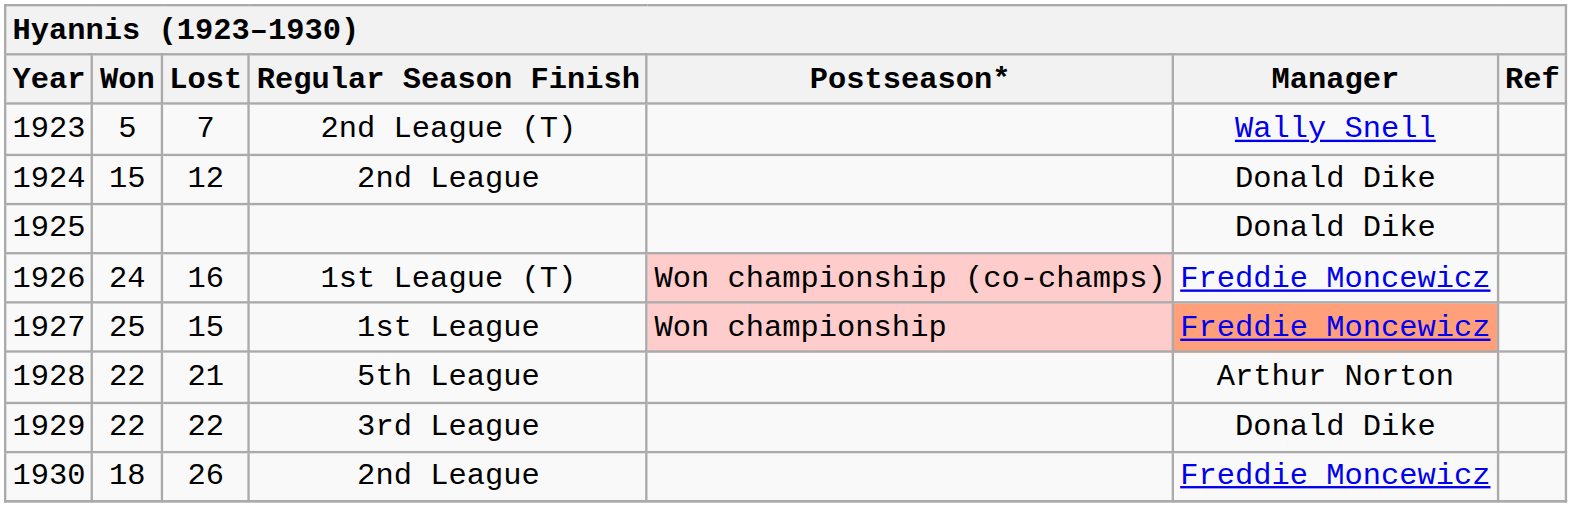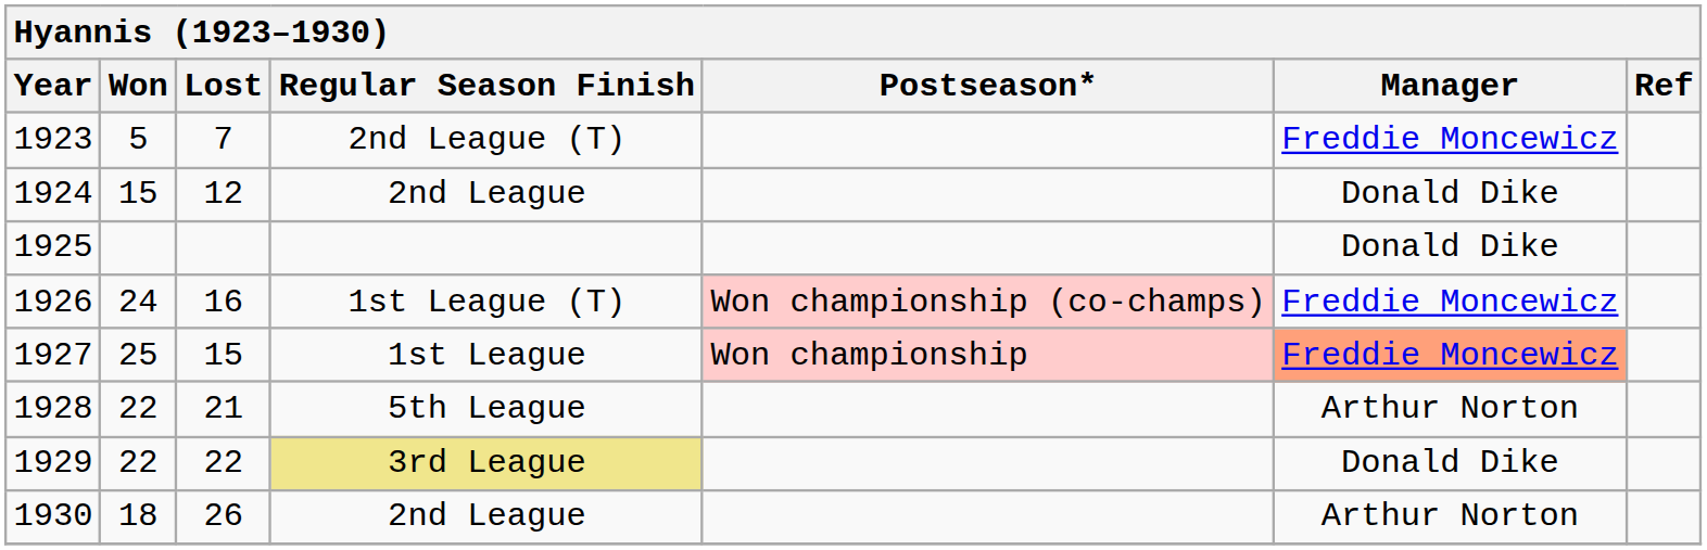 <table class="wikitable" style="text-align:center">
 <tr>
 <th style="text-align:left" colspan="7"><strong><span>Hyannis (1923–1930)</span></strong></th>
 </tr>
 <tr>
 <th>Year</th>
 <th>Won</th>
 <th>Lost</th>
 <th>Regular Season Finish</th>
 <th scope="col">Postseason*</th>
 <th>Manager</th>
 <th>Ref</th>
 </tr>
 <tr>
 <td>1923</td>
 <td>5</td>
 <td>7</td>
 <td>2nd League (T)</td>
 <td></td>
-<td><a href='#'>Wally Snell</a></td>
+<td><a href='#'>Freddie Moncewicz</a></td>
 <td></td>
 </tr>
 <tr>
 <td>1924</td>
 <td>15</td>
 <td>12</td>
 <td>2nd League</td>
 <td></td>
 <td>Donald Dike</td>
 <td></td>
 </tr>
 <tr>
 <td>1925</td>
 <td></td>
 <td></td>
 <td></td>
 <td></td>
 <td>Donald Dike</td>
 <td></td>
 </tr>
 <tr>
 <td>1926</td>
 <td>24</td>
 <td>16</td>
 <td>1st League (T)</td>
 <td style="text-align:left" bgcolor=#ffcccc>Won championship (co-champs)</td>
 <td><a href='#'>Freddie Moncewicz</a></td>
 <td></td>
 </tr>
 <tr>
 <td>1927</td>
 <td>25</td>
 <td>15</td>
 <td>1st League</td>
 <td style="text-align:left" bgcolor=#ffcccc>Won championship</td>
 <td style="background: lightsalmon;"><a href='#'>Freddie Moncewicz</a></td>
 <td></td>
 </tr>
 <tr>
 <td>1928</td>
 <td>22</td>
 <td>21</td>
 <td>5th League</td>
 <td></td>
 <td>Arthur Norton</td>
 <td></td>
 </tr>
 <tr>
 <td>1929</td>
 <td>22</td>
 <td>22</td>
-<td>3rd League</td>
+<td style="background: khaki;">3rd League</td>
 <td></td>
 <td>Donald Dike</td>
 <td></td>
 </tr>
 <tr>
 <td>1930</td>
 <td>18</td>
 <td>26</td>
 <td>2nd League</td>
 <td></td>
-<td><a href='#'>Freddie Moncewicz</a></td>
+<td>Arthur Norton</td>
 <td></td>
 </tr>
 <tr>
 </tr>
 </table>
